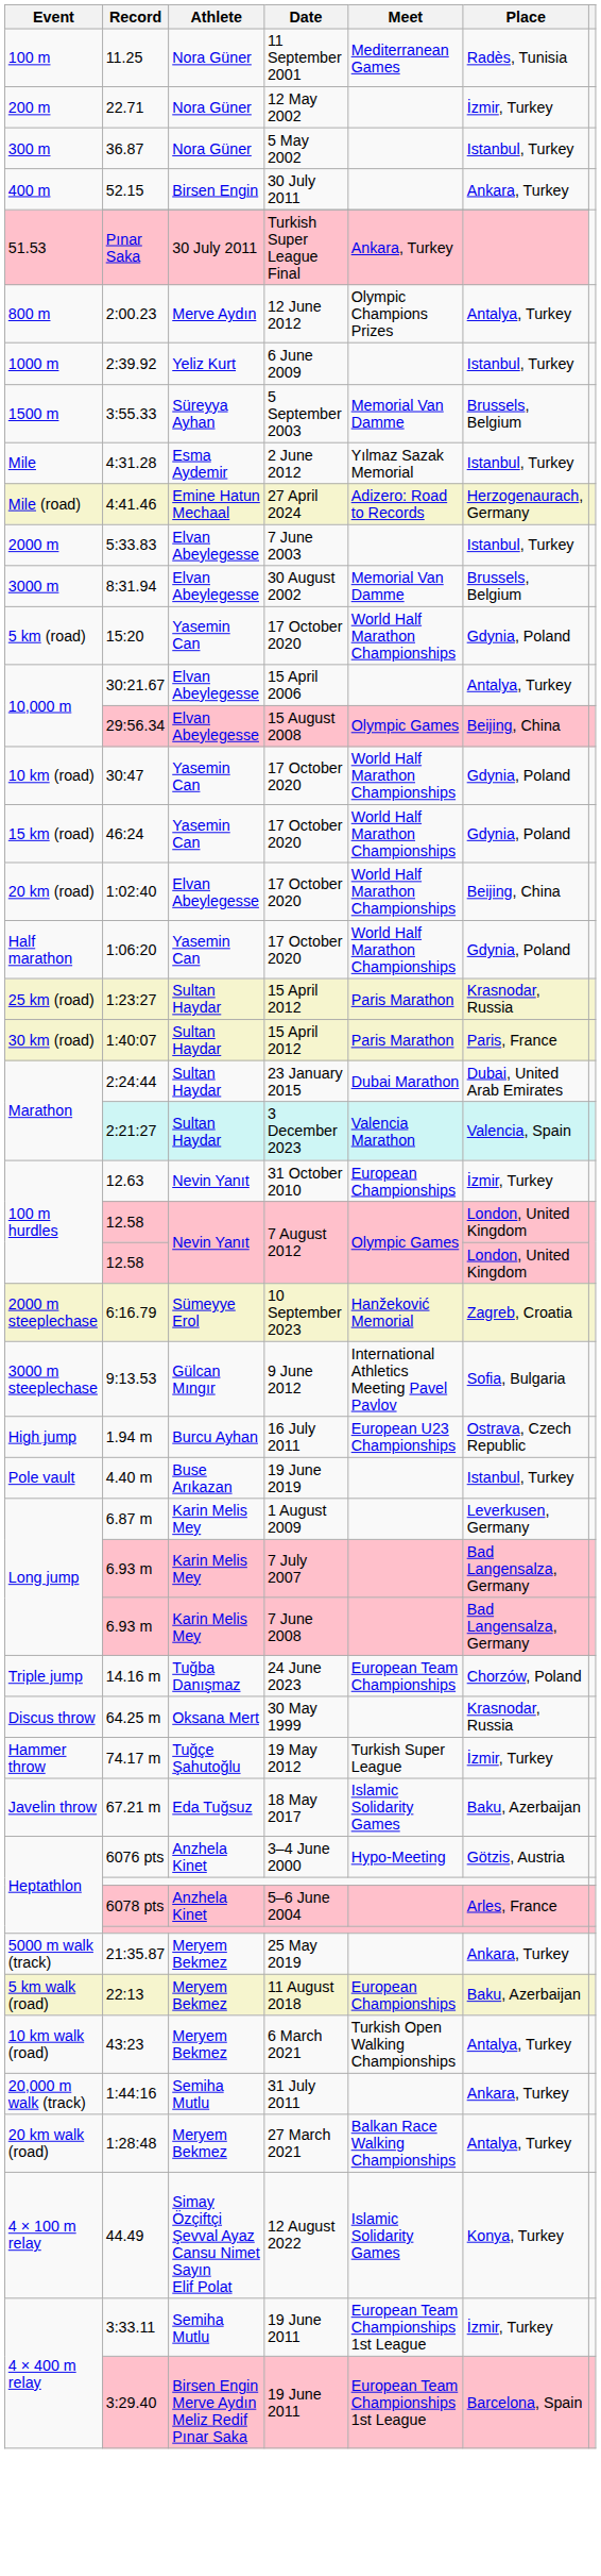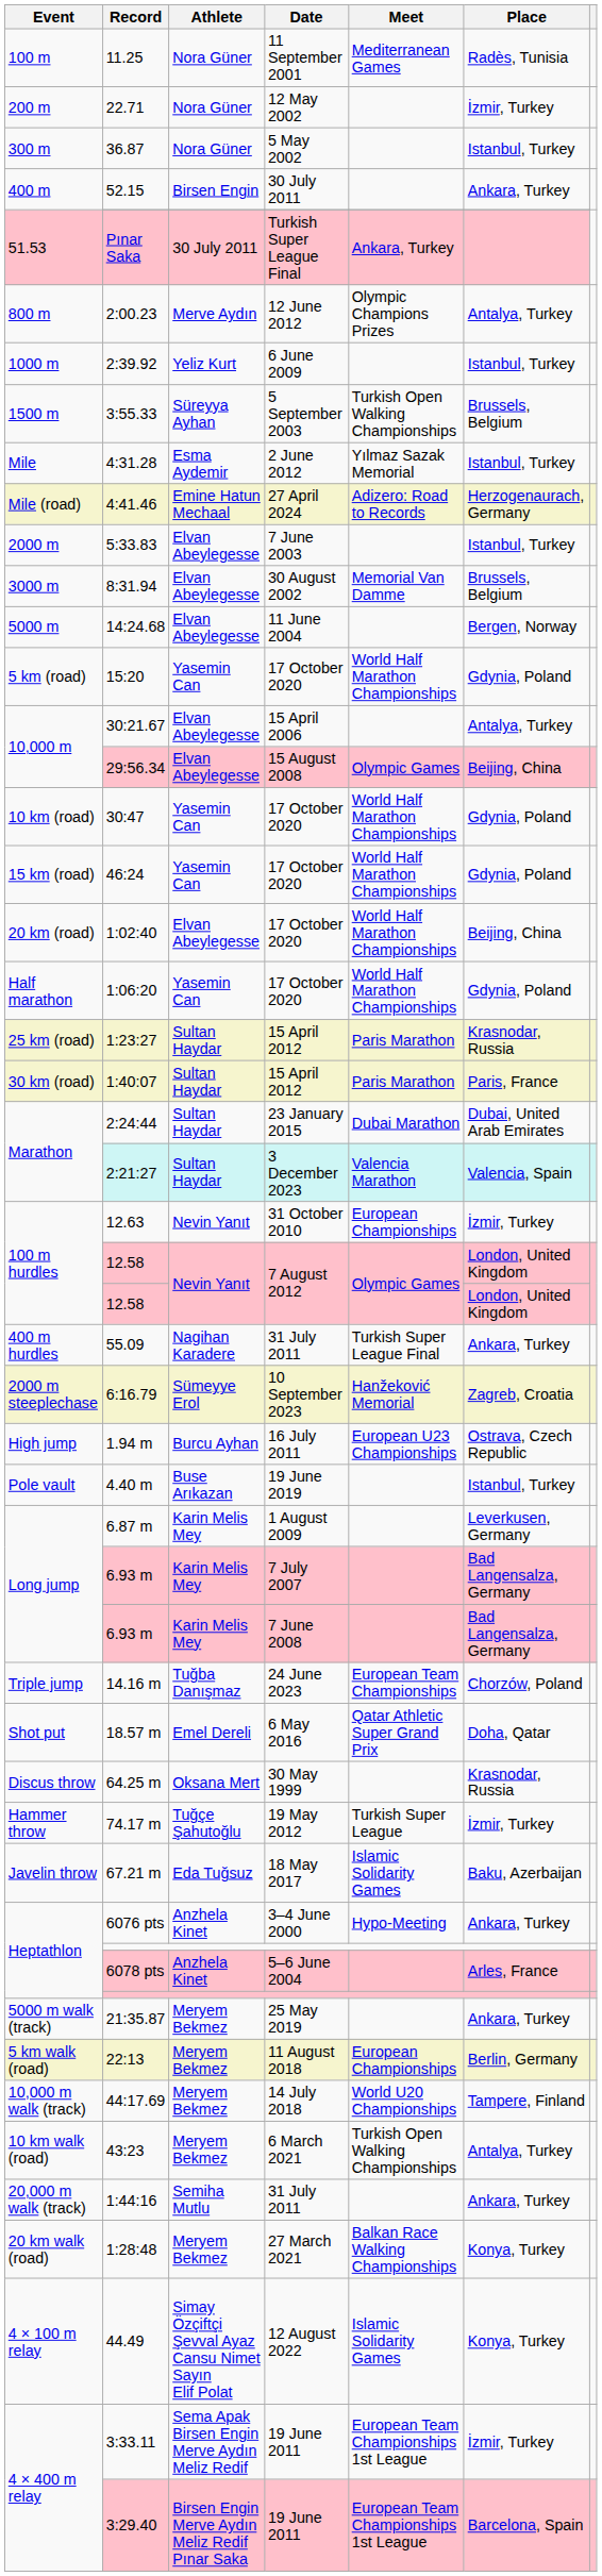 <table class="wikitable" style="font-size:95%; width: 95%;">
 <tr>
 <th>Event</th>
 <th>Record</th>
 <th>Athlete</th>
 <th>Date</th>
 <th>Meet</th>
 <th>Place</th>
 <th></th>
 </tr>
 <tr>
 <td><a href='#'>100 m</a></td>
 <td>11.25 </td>
 <td><a href='#'>Nora Güner</a></td>
 <td>11 September 2001</td>
 <td><a href='#'>Mediterranean Games</a></td>
 <td><a href='#'>Radès</a>, Tunisia</td>
 <td></td>
 </tr>
 <tr>
 <td><a href='#'>200 m</a></td>
 <td>22.71 </td>
 <td><a href='#'>Nora Güner</a></td>
 <td>12 May 2002</td>
 <td></td>
 <td><a href='#'>İzmir</a>, Turkey</td>
 <td></td>
 </tr>
 <tr>
 <td><a href='#'>300 m</a></td>
 <td>36.87</td>
 <td><a href='#'>Nora Güner</a></td>
 <td>5 May 2002</td>
 <td></td>
 <td><a href='#'>Istanbul</a>, Turkey</td>
 <td></td>
 </tr>
 <tr>
 <td rowspan=2><a href='#'>400 m</a></td>
 <td>52.15</td>
 <td><a href='#'>Birsen Engin</a></td>
 <td>30 July 2011</td>
 <td></td>
 <td><a href='#'>Ankara</a>, Turkey</td>
 <td></td>
 </tr>
 <tr>
 </tr>
 <tr style="background:pink">
 <td>51.53</td>
 <td><a href='#'>Pınar Saka</a></td>
 <td>30 July 2011</td>
 <td>Turkish Super League Final</td>
 <td><a href='#'>Ankara</a>, Turkey</td>
 <td></td>
 </tr>
 <tr>
 <td><a href='#'>800 m</a></td>
 <td>2:00.23</td>
 <td><a href='#'>Merve Aydın</a></td>
 <td>12 June 2012</td>
 <td>Olympic Champions Prizes</td>
 <td><a href='#'>Antalya</a>, Turkey</td>
 <td></td>
 </tr>
 <tr>
 <td><a href='#'>1000 m</a></td>
 <td>2:39.92</td>
 <td><a href='#'>Yeliz Kurt</a></td>
 <td>6 June 2009</td>
 <td></td>
 <td><a href='#'>Istanbul</a>, Turkey</td>
 <td></td>
 </tr>
 <tr>
 <td><a href='#'>1500 m</a></td>
 <td>3:55.33</td>
 <td><a href='#'>Süreyya Ayhan</a></td>
 <td>5 September 2003</td>
-<td><a href='#'>Memorial Van Damme</a></td>
+<td>Turkish Open Walking Championships</td>
 <td><a href='#'>Brussels</a>, Belgium</td>
 <td></td>
 </tr>
 <tr>
 <td><a href='#'>Mile</a></td>
 <td>4:31.28</td>
 <td><a href='#'>Esma Aydemir</a></td>
 <td>2 June 2012</td>
 <td>Yılmaz Sazak Memorial</td>
 <td><a href='#'>Istanbul</a>, Turkey</td>
 <td></td>
 </tr>
 <tr style="background:#f6F5CE;">
 <td><a href='#'>Mile</a> (road)</td>
 <td>4:41.46</td>
 <td><a href='#'>Emine Hatun Mechaal</a></td>
 <td>27 April 2024</td>
 <td><a href='#'>Adizero: Road to Records</a></td>
 <td><a href='#'>Herzogenaurach</a>, Germany</td>
 <td></td>
 </tr>
 <tr>
 <td><a href='#'>2000 m</a></td>
 <td>5:33.83</td>
 <td><a href='#'>Elvan Abeylegesse</a></td>
 <td>7 June 2003</td>
 <td></td>
 <td><a href='#'>Istanbul</a>, Turkey</td>
 <td></td>
 </tr>
 <tr>
 <td><a href='#'>3000 m</a></td>
 <td>8:31.94</td>
 <td><a href='#'>Elvan Abeylegesse</a></td>
 <td>30 August 2002</td>
 <td><a href='#'>Memorial Van Damme</a></td>
 <td><a href='#'>Brussels</a>, Belgium</td>
+<td></td>
+</tr>
+<tr>
+<td><a href='#'>5000 m</a></td>
+<td>14:24.68</td>
+<td><a href='#'>Elvan Abeylegesse</a></td>
+<td>11 June 2004</td>
+<td></td>
+<td><a href='#'>Bergen</a>, Norway</td>
 <td></td>
 </tr>
 <tr>
 <td><a href='#'>5 km</a> (road)</td>
 <td>15:20 </td>
 <td><a href='#'>Yasemin Can</a></td>
 <td>17 October 2020</td>
 <td><a href='#'>World Half Marathon Championships</a></td>
 <td><a href='#'>Gdynia</a>, Poland</td>
 <td></td>
 </tr>
 <tr>
 <td rowspan=2><a href='#'>10,000 m</a></td>
 <td>30:21.67</td>
 <td><a href='#'>Elvan Abeylegesse</a></td>
 <td>15 April 2006</td>
 <td></td>
 <td><a href='#'>Antalya</a>, Turkey</td>
 <td></td>
 </tr>
 <tr style="background:pink">
 <td>29:56.34 </td>
 <td><a href='#'>Elvan Abeylegesse</a></td>
 <td>15 August 2008</td>
 <td><a href='#'>Olympic Games</a></td>
 <td><a href='#'>Beijing</a>, China</td>
 <td></td>
 </tr>
 <tr>
 <td><a href='#'>10 km</a> (road)</td>
 <td>30:47 </td>
 <td><a href='#'>Yasemin Can</a></td>
 <td>17 October 2020</td>
 <td><a href='#'>World Half Marathon Championships</a></td>
 <td><a href='#'>Gdynia</a>, Poland</td>
 <td></td>
 </tr>
 <tr>
 <td><a href='#'>15 km</a> (road)</td>
 <td>46:24 </td>
 <td><a href='#'>Yasemin Can</a></td>
 <td>17 October 2020</td>
 <td><a href='#'>World Half Marathon Championships</a></td>
 <td><a href='#'>Gdynia</a>, Poland</td>
 <td></td>
 </tr>
 <tr>
 <td><a href='#'>20 km</a> (road)</td>
 <td>1:02:40 </td>
 <td><a href='#'>Elvan Abeylegesse</a></td>
 <td>17 October 2020</td>
 <td><a href='#'>World Half Marathon Championships</a></td>
 <td><a href='#'>Beijing</a>, China</td>
 <td></td>
 </tr>
 <tr>
 <td><a href='#'>Half marathon</a></td>
 <td>1:06:20 </td>
 <td><a href='#'>Yasemin Can</a></td>
 <td>17 October 2020</td>
 <td><a href='#'>World Half Marathon Championships</a></td>
 <td><a href='#'>Gdynia</a>, Poland</td>
 <td></td>
 </tr>
 <tr style="background:#f6F5CE;">
 <td><a href='#'>25 km</a> (road)</td>
 <td>1:23:27</td>
 <td><a href='#'>Sultan Haydar</a></td>
 <td>15 April 2012</td>
 <td><a href='#'>Paris Marathon</a></td>
 <td><a href='#'>Krasnodar</a>, Russia</td>
 <td></td>
 </tr>
 <tr style="background:#f6F5CE;">
 <td><a href='#'>30 km</a> (road)</td>
 <td>1:40:07</td>
 <td><a href='#'>Sultan Haydar</a></td>
 <td>15 April 2012</td>
 <td><a href='#'>Paris Marathon</a></td>
 <td><a href='#'>Paris</a>, France</td>
 <td></td>
 </tr>
 <tr>
 <td rowspan=2><a href='#'>Marathon</a></td>
 <td>2:24:44</td>
 <td><a href='#'>Sultan Haydar</a></td>
 <td>23 January 2015</td>
 <td><a href='#'>Dubai Marathon</a></td>
 <td><a href='#'>Dubai</a>, United Arab Emirates</td>
 <td></td>
 </tr>
 <tr style="background:#CEF6F5">
 <td>2:21:27</td>
 <td><a href='#'>Sultan Haydar</a></td>
 <td>3 December 2023</td>
 <td><a href='#'>Valencia Marathon</a></td>
 <td><a href='#'>Valencia</a>, Spain</td>
 <td></td>
 </tr>
 <tr>
 <td rowspan=3><a href='#'>100 m hurdles</a></td>
 <td>12.63</td>
 <td><a href='#'>Nevin Yanıt</a></td>
 <td>31 October 2010</td>
 <td><a href='#'>European Championships</a></td>
 <td><a href='#'>İzmir</a>, Turkey</td>
 <td></td>
 </tr>
 <tr style="background:pink">
 <td>12.58  </td>
 <td rowspan=2><a href='#'>Nevin Yanıt</a></td>
 <td rowspan=2>7 August 2012</td>
 <td rowspan=2><a href='#'>Olympic Games</a></td>
 <td><a href='#'>London</a>, United Kingdom</td>
 <td rowspan=2></td>
 </tr>
 <tr style="background:pink">
 <td>12.58  </td>
 <td><a href='#'>London</a>, United Kingdom</td>
 </tr>
+<tr>
+<td><a href='#'>400 m hurdles</a></td>
+<td>55.09</td>
+<td><a href='#'>Nagihan Karadere</a></td>
+<td>31 July 2011</td>
+<td>Turkish Super League Final</td>
+<td><a href='#'>Ankara</a>, Turkey</td>
+<td></td>
+</tr>
 <tr style="background:#f6F5CE;">
 <td><a href='#'>2000 m steeplechase</a></td>
 <td>6:16.79</td>
 <td><a href='#'>Sümeyye Erol</a></td>
 <td>10 September 2023</td>
 <td><a href='#'>Hanžeković Memorial</a></td>
 <td><a href='#'>Zagreb</a>, Croatia</td>
-<td></td>
-</tr>
-<tr>
-<td><a href='#'>3000 m steeplechase</a></td>
-<td>9:13.53</td>
-<td><a href='#'>Gülcan Mıngır</a></td>
-<td>9 June 2012</td>
-<td>International Athletics Meeting <a href='#'>Pavel Pavlov</a></td>
-<td><a href='#'>Sofia</a>, Bulgaria</td>
 <td></td>
 </tr>
 <tr>
 <td><a href='#'>High jump</a></td>
 <td>1.94 m</td>
 <td><a href='#'>Burcu Ayhan</a></td>
 <td>16 July 2011</td>
 <td><a href='#'>European U23 Championships</a></td>
 <td><a href='#'>Ostrava</a>, Czech Republic</td>
 <td></td>
 </tr>
 <tr>
 <td><a href='#'>Pole vault</a></td>
 <td>4.40 m</td>
 <td><a href='#'>Buse Arıkazan</a></td>
 <td>19 June 2019</td>
 <td></td>
 <td><a href='#'>Istanbul</a>, Turkey</td>
 <td></td>
 </tr>
 <tr>
 <td rowspan=3><a href='#'>Long jump</a></td>
 <td>6.87 m </td>
 <td><a href='#'>Karin Melis Mey</a></td>
 <td>1 August 2009</td>
 <td></td>
 <td><a href='#'>Leverkusen</a>, Germany</td>
 <td></td>
 </tr>
 <tr style="background:pink">
 <td>6.93 m </td>
 <td><a href='#'>Karin Melis Mey</a></td>
 <td>7 July 2007</td>
 <td></td>
 <td><a href='#'>Bad Langensalza</a>, Germany</td>
 <td></td>
 </tr>
 <tr style="background:pink">
 <td>6.93 m </td>
 <td><a href='#'>Karin Melis Mey</a></td>
 <td>7 June 2008</td>
 <td></td>
 <td><a href='#'>Bad Langensalza</a>, Germany</td>
 <td></td>
 </tr>
 <tr>
 <td><a href='#'>Triple jump</a></td>
 <td>14.16 m </td>
 <td><a href='#'>Tuğba Danışmaz</a></td>
 <td>24 June 2023</td>
 <td><a href='#'>European Team Championships</a></td>
 <td><a href='#'>Chorzów</a>, Poland</td>
 <td></td>
 </tr>
 <tr>
+<td><a href='#'>Shot put</a></td>
+<td>18.57 m</td>
+<td><a href='#'>Emel Dereli</a></td>
+<td>6 May 2016</td>
+<td><a href='#'>Qatar Athletic Super Grand Prix</a></td>
+<td><a href='#'>Doha</a>, Qatar</td>
+<td></td>
+</tr>
+<tr>
 <td><a href='#'>Discus throw</a></td>
 <td>64.25 m</td>
 <td><a href='#'>Oksana Mert</a></td>
 <td>30 May 1999</td>
 <td></td>
 <td><a href='#'>Krasnodar</a>, Russia</td>
 <td></td>
 </tr>
 <tr>
 <td><a href='#'>Hammer throw</a></td>
 <td>74.17 m</td>
 <td><a href='#'>Tuğçe Şahutoğlu</a></td>
 <td>19 May 2012</td>
 <td>Turkish Super League</td>
 <td><a href='#'>İzmir</a>, Turkey</td>
 <td></td>
 </tr>
 <tr>
 <td><a href='#'>Javelin throw</a></td>
 <td>67.21 m</td>
 <td><a href='#'>Eda Tuğsuz</a></td>
 <td>18 May 2017</td>
 <td><a href='#'>Islamic Solidarity Games</a></td>
 <td><a href='#'>Baku</a>, Azerbaijan</td>
 <td></td>
 </tr>
 <tr>
 <td rowspan=4><a href='#'>Heptathlon</a></td>
 <td>6076 pts</td>
 <td><a href='#'>Anzhela Kinet</a></td>
 <td>3–4 June 2000</td>
 <td><a href='#'>Hypo-Meeting</a></td>
-<td><a href='#'>Götzis</a>, Austria</td>
+<td><a href='#'>Ankara</a>, Turkey</td>
 <td></td>
 </tr>
 <tr>
 <td colspan=5></td>
 <td></td>
 </tr>
 <tr style="background:pink">
 <td>6078 pts</td>
 <td><a href='#'>Anzhela Kinet</a></td>
 <td>5–6 June 2004</td>
 <td></td>
 <td><a href='#'>Arles</a>, France</td>
 <td></td>
 </tr>
 <tr style="background:pink">
 <td colspan=5></td>
 <td></td>
 </tr>
 <tr>
 <td><a href='#'>5000 m walk</a> (track)</td>
 <td>21:35.87</td>
 <td><a href='#'>Meryem Bekmez</a></td>
 <td>25 May 2019</td>
 <td></td>
 <td><a href='#'>Ankara</a>, Turkey</td>
 <td></td>
 </tr>
 <tr style="background:#f6F5CE;">
 <td><a href='#'>5 km walk</a> (road)</td>
 <td>22:13</td>
 <td><a href='#'>Meryem Bekmez</a></td>
 <td>11 August 2018</td>
 <td><a href='#'>European Championships</a></td>
-<td><a href='#'>Baku</a>, Azerbaijan</td>
+<td><a href='#'>Berlin</a>, Germany</td>
+<td></td>
+</tr>
+<tr>
+<td><a href='#'>10,000 m walk</a> (track)</td>
+<td>44:17.69</td>
+<td><a href='#'>Meryem Bekmez</a></td>
+<td>14 July 2018</td>
+<td><a href='#'>World U20 Championships</a></td>
+<td><a href='#'>Tampere</a>, Finland</td>
 <td></td>
 </tr>
 <tr>
 <td><a href='#'>10 km walk</a> (road)</td>
 <td>43:23</td>
 <td><a href='#'>Meryem Bekmez</a></td>
 <td>6 March 2021</td>
 <td>Turkish Open Walking Championships</td>
 <td><a href='#'>Antalya</a>, Turkey</td>
 <td></td>
 </tr>
 <tr>
 <td><a href='#'>20,000 m walk</a> (track)</td>
 <td>1:44:16</td>
 <td><a href='#'>Semiha Mutlu</a></td>
 <td>31 July 2011</td>
 <td></td>
 <td><a href='#'>Ankara</a>, Turkey</td>
 <td></td>
 </tr>
 <tr>
 <td><a href='#'>20 km walk</a> (road)</td>
 <td>1:28:48</td>
 <td><a href='#'>Meryem Bekmez</a></td>
 <td>27 March 2021</td>
 <td><a href='#'>Balkan Race Walking Championships</a></td>
-<td><a href='#'>Antalya</a>, Turkey</td>
+<td><a href='#'>Konya</a>, Turkey</td>
 <td></td>
 </tr>
 <tr>
 <td><a href='#'>4 × 100 m relay</a></td>
 <td>44.49</td>
 <td><br><a href='#'>Simay Özçiftçi</a><br><a href='#'>Şevval Ayaz</a><br><a href='#'>Cansu Nimet Sayın</a><br><a href='#'>Elif Polat</a></td>
 <td>12 August 2022</td>
 <td><a href='#'>Islamic Solidarity Games</a></td>
 <td><a href='#'>Konya</a>, Turkey</td>
 <td></td>
 </tr>
 <tr>
 <td rowspan=2><a href='#'>4 × 400 m relay</a></td>
 <td>3:33.11</td>
-<td><a href='#'>Semiha Mutlu</a></td>
+<td><a href='#'>Sema Apak</a><br><a href='#'>Birsen Engin</a><br><a href='#'>Merve Aydın</a><br><a href='#'>Meliz Redif</a></td>
 <td>19 June 2011</td>
 <td><a href='#'>European Team Championships</a> 1st League</td>
 <td><a href='#'>İzmir</a>, Turkey</td>
 <td></td>
 </tr>
 <tr style="background:pink">
 <td>3:29.40</td>
 <td><br><a href='#'>Birsen Engin</a><br><a href='#'>Merve Aydın</a><br><a href='#'>Meliz Redif</a><br><a href='#'>Pınar Saka</a></td>
 <td>19 June 2011</td>
 <td><a href='#'>European Team Championships</a> 1st League</td>
 <td><a href='#'>Barcelona</a>, Spain</td>
 <td></td>
 </tr>
 </table>
